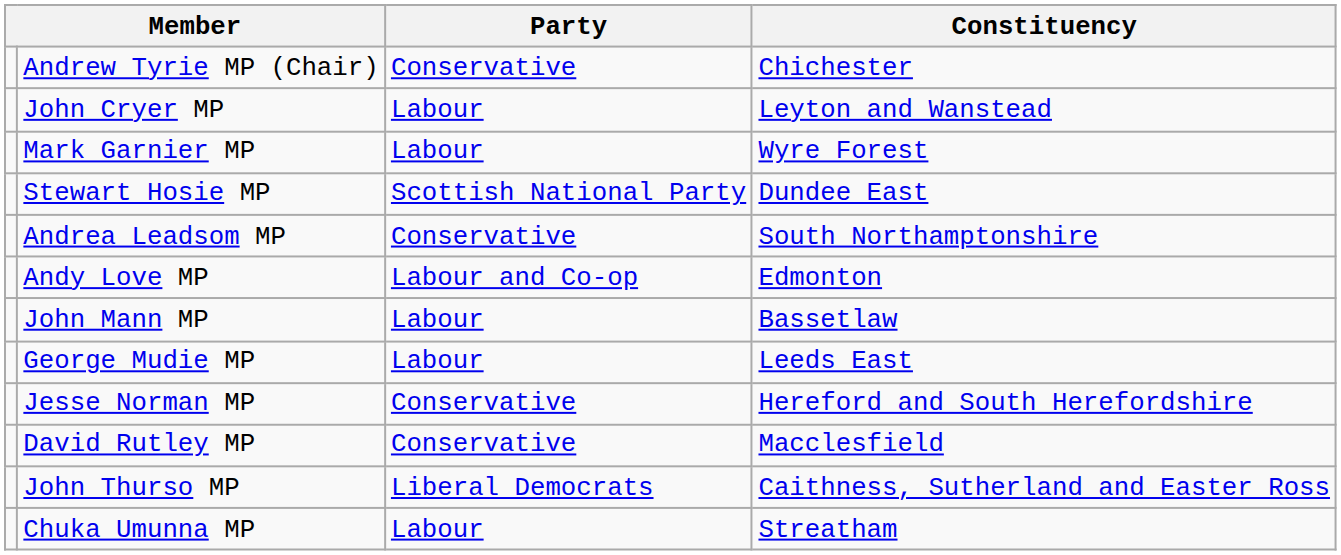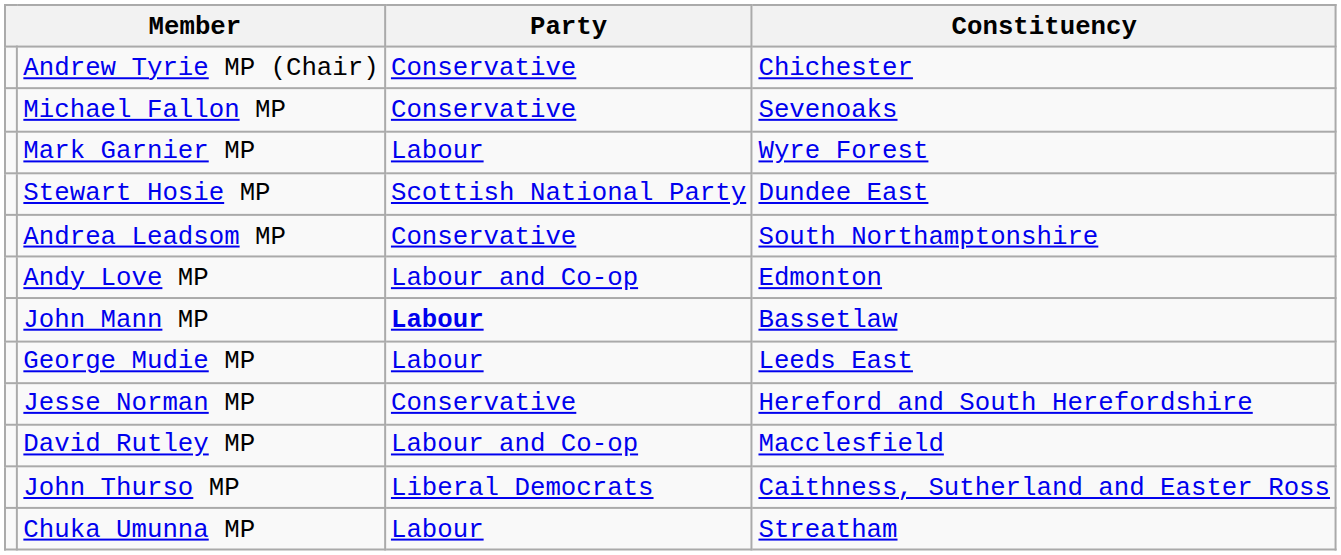 <table class="wikitable">
 <tr>
 <th colspan="2" valign="top">Member</th>
 <th valign="top">Party</th>
 <th valign="top">Constituency</th>
 </tr>
 <tr>
 <td style="color:inherit;background:"></td>
 <td><a href='#'>Andrew Tyrie</a> MP (Chair)</td>
 <td><a href='#'>Conservative</a></td>
 <td><a href='#'>Chichester</a></td>
 </tr>
 <tr>
 <td style="color:inherit;background:"></td>
-<td><a href='#'>John Cryer</a> MP</td>
-<td><a href='#'>Labour</a></td>
-<td><a href='#'>Leyton and Wanstead</a></td>
+<td><a href='#'>Michael Fallon</a> MP</td>
+<td><a href='#'>Conservative</a></td>
+<td><a href='#'>Sevenoaks</a></td>
 </tr>
 <tr>
 <td style="color:inherit;background:"></td>
 <td><a href='#'>Mark Garnier</a> MP</td>
 <td><a href='#'>Labour</a></td>
 <td><a href='#'>Wyre Forest</a></td>
 </tr>
 <tr>
 <td style="color:inherit;background:"></td>
 <td><a href='#'>Stewart Hosie</a> MP</td>
 <td><a href='#'>Scottish National Party</a></td>
 <td><a href='#'>Dundee East</a></td>
 </tr>
 <tr>
 <td style="color:inherit;background:"></td>
 <td><a href='#'>Andrea Leadsom</a> MP</td>
 <td><a href='#'>Conservative</a></td>
 <td><a href='#'>South Northamptonshire</a></td>
 </tr>
 <tr>
 <td style="color:inherit;background:"></td>
 <td><a href='#'>Andy Love</a> MP</td>
 <td><a href='#'>Labour and Co-op</a></td>
 <td><a href='#'>Edmonton</a></td>
 </tr>
 <tr>
 <td style="color:inherit;background:"></td>
 <td><a href='#'>John Mann</a> MP</td>
-<td><a href='#'>Labour</a></td>
+<td><strong><a href='#'>Labour</a></strong></td>
 <td><a href='#'>Bassetlaw</a></td>
 </tr>
 <tr>
 <td style="color:inherit;background:"></td>
 <td><a href='#'>George Mudie</a> MP</td>
 <td><a href='#'>Labour</a></td>
 <td><a href='#'>Leeds East</a></td>
 </tr>
 <tr>
 <td style="color:inherit;background:"></td>
 <td><a href='#'>Jesse Norman</a> MP</td>
 <td><a href='#'>Conservative</a></td>
 <td><a href='#'>Hereford and South Herefordshire</a></td>
 </tr>
 <tr>
 <td style="color:inherit;background:"></td>
 <td><a href='#'>David Rutley</a> MP</td>
-<td><a href='#'>Conservative</a></td>
+<td><a href='#'>Labour and Co-op</a></td>
 <td><a href='#'>Macclesfield</a></td>
 </tr>
 <tr>
 <td style="color:inherit;background:"></td>
 <td><a href='#'>John Thurso</a> MP</td>
 <td><a href='#'>Liberal Democrats</a></td>
 <td><a href='#'>Caithness, Sutherland and Easter Ross</a></td>
 </tr>
 <tr>
 <td style="color:inherit;background:"></td>
 <td><a href='#'>Chuka Umunna</a> MP</td>
 <td><a href='#'>Labour</a></td>
 <td><a href='#'>Streatham</a></td>
 </tr>
 </table>
